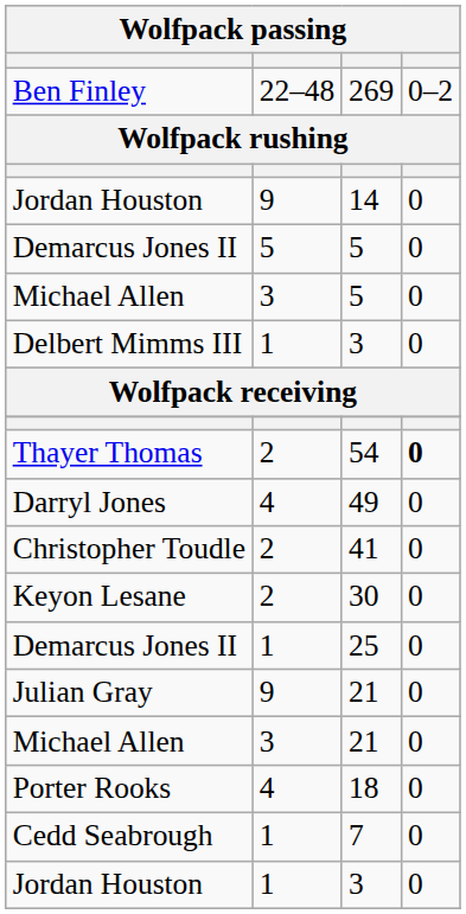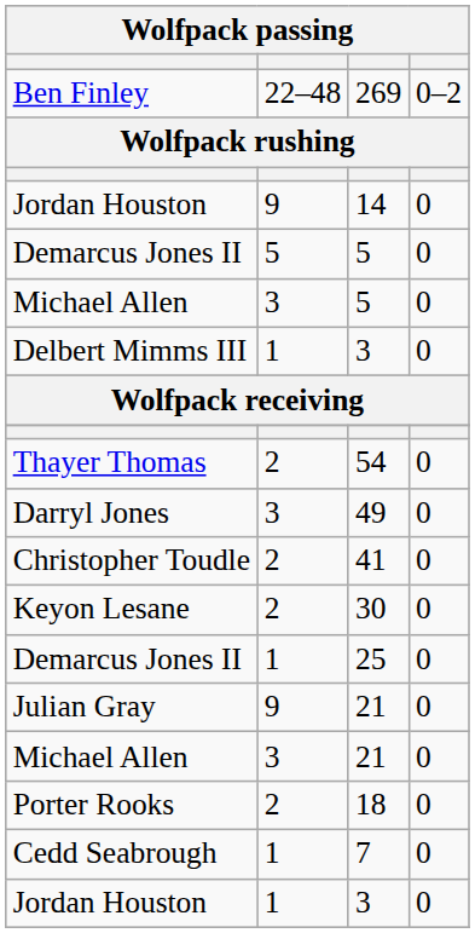 <table class="wikitable plainrowheaders">
 <tr>
 <th colspan="6">Wolfpack passing</th>
 </tr>
 <tr>
 <th scope="col"></th>
 <th scope="col"></th>
 <th scope="col"></th>
 <th scope="col"></th>
 </tr>
 <tr>
 <td><a href='#'>Ben Finley</a></td>
 <td>22–48</td>
 <td>269</td>
 <td>0–2</td>
 </tr>
 <tr>
 <th colspan="6">Wolfpack rushing</th>
 </tr>
 <tr>
 <th scope="col"></th>
 <th scope="col"></th>
 <th scope="col"></th>
 <th scope="col"></th>
 </tr>
 <tr>
 <td>Jordan Houston</td>
 <td>9</td>
 <td>14</td>
 <td>0</td>
 </tr>
 <tr>
 <td>Demarcus Jones II</td>
 <td>5</td>
 <td>5</td>
 <td>0</td>
 </tr>
 <tr>
 <td>Michael Allen</td>
 <td>3</td>
 <td>5</td>
 <td>0</td>
 </tr>
 <tr>
 <td>Delbert Mimms III</td>
 <td>1</td>
 <td>3</td>
 <td>0</td>
 </tr>
 <tr>
 <th colspan="6">Wolfpack receiving</th>
 </tr>
 <tr>
 </tr>
 <tr>
 <th scope="col"></th>
 <th scope="col"></th>
 <th scope="col"></th>
 <th scope="col"></th>
 </tr>
 <tr>
 <td><a href='#'>Thayer Thomas</a></td>
 <td>2</td>
 <td>54</td>
-<td><strong>0</strong></td>
+<td>0</td>
 </tr>
 <tr>
 <td>Darryl Jones</td>
-<td>4</td>
+<td>3</td>
 <td>49</td>
 <td>0</td>
 </tr>
 <tr>
 <td>Christopher Toudle</td>
 <td>2</td>
 <td>41</td>
 <td>0</td>
 </tr>
 <tr>
 <td>Keyon Lesane</td>
 <td>2</td>
 <td>30</td>
 <td>0</td>
 </tr>
 <tr>
 <td>Demarcus Jones II</td>
 <td>1</td>
 <td>25</td>
 <td>0</td>
 </tr>
 <tr>
 <td>Julian Gray</td>
 <td>9</td>
 <td>21</td>
 <td>0</td>
 </tr>
 <tr>
 <td>Michael Allen</td>
 <td>3</td>
 <td>21</td>
 <td>0</td>
 </tr>
 <tr>
 <td>Porter Rooks</td>
-<td>4</td>
+<td>2</td>
 <td>18</td>
 <td>0</td>
 </tr>
 <tr>
 <td>Cedd Seabrough</td>
 <td>1</td>
 <td>7</td>
 <td>0</td>
 </tr>
 <tr>
 <td>Jordan Houston</td>
 <td>1</td>
 <td>3</td>
 <td>0</td>
 </tr>
 <tr>
 </tr>
 </table>
